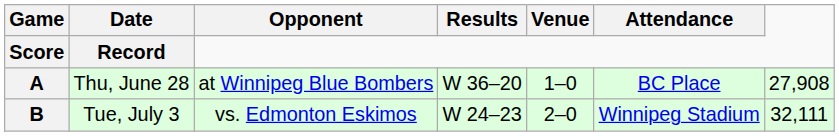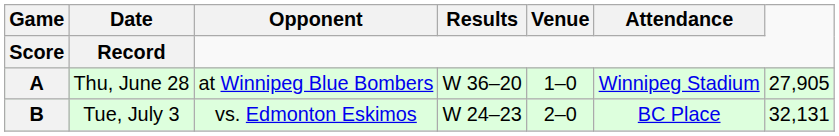 <table class="wikitable" style="text-align:center">
 <tr>
 <th>Game</th>
 <th>Date</th>
 <th>Opponent</th>
 <th>Results</th>
 <th>Venue</th>
 <th>Attendance</th>
 </tr>
 <tr>
 <th>Score</th>
 <th>Record</th>
 </tr>
 <tr style="background:#ddffdd">
 <th>A</th>
 <td>Thu, June 28</td>
 <td>at <a href='#'>Winnipeg Blue Bombers</a></td>
 <td>W 36–20</td>
 <td>1–0</td>
-<td><a href='#'>BC Place</a></td>
-<td>27,908</td>
+<td><a href='#'>Winnipeg Stadium</a></td>
+<td>27,905</td>
 </tr>
 <tr style="background:#ddffdd">
 <th>B</th>
 <td>Tue, July 3</td>
 <td>vs. <a href='#'>Edmonton Eskimos</a></td>
 <td>W 24–23</td>
 <td>2–0</td>
-<td><a href='#'>Winnipeg Stadium</a></td>
-<td>32,111</td>
+<td><a href='#'>BC Place</a></td>
+<td>32,131</td>
 </tr>
 </table>
